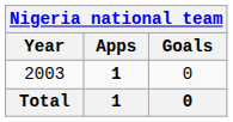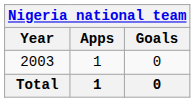 <table class="wikitable" style="text-align:center">
 <tr>
 <th colspan=3><a href='#'>Nigeria national team</a></th>
 </tr>
 <tr>
 <th>Year</th>
 <th>Apps</th>
 <th>Goals</th>
 </tr>
 <tr>
 <td>2003</td>
-<td><strong>1</strong></td>
+<td>1</td>
 <td>0</td>
 </tr>
 <tr>
 <th>Total</th>
 <th>1</th>
 <th>0</th>
 </tr>
 </table>
